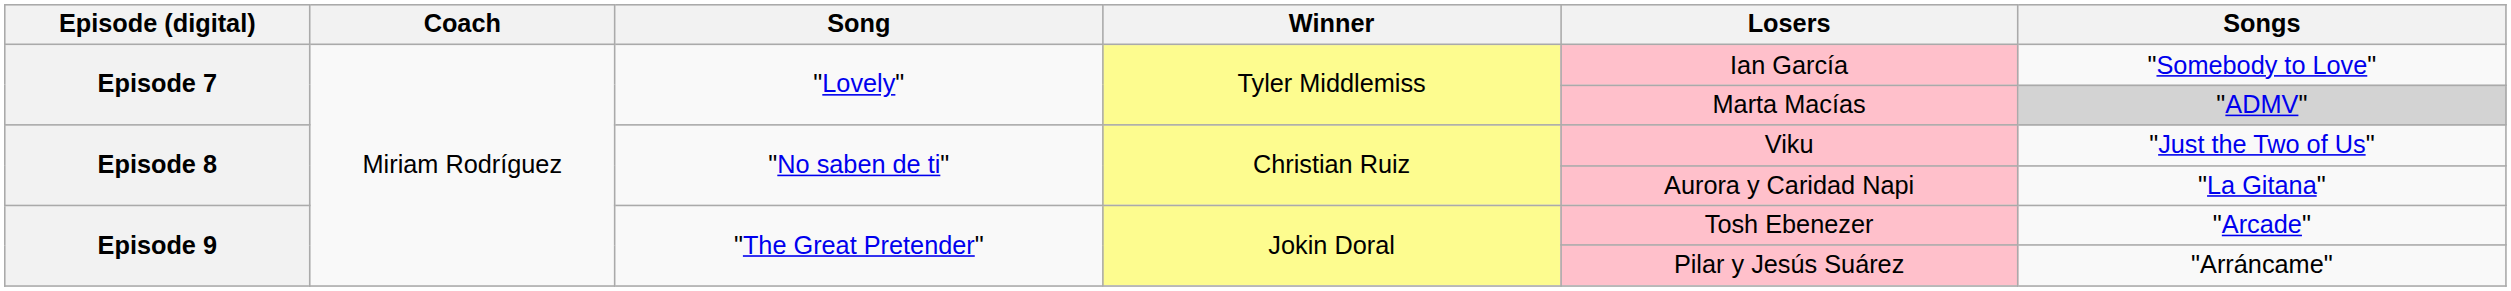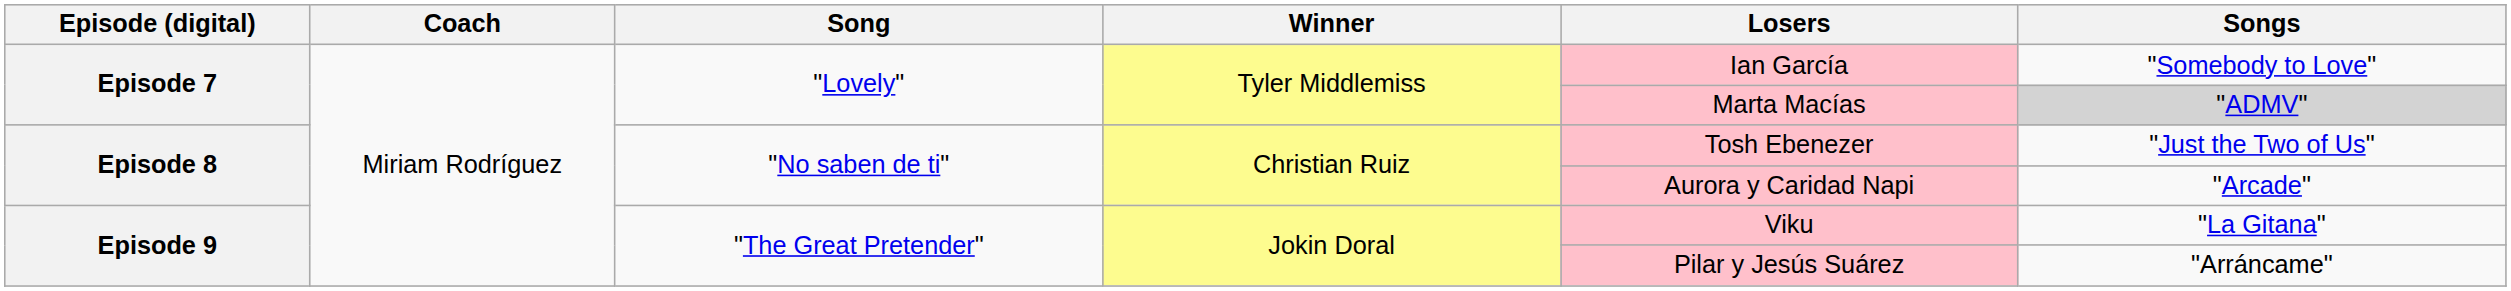 <table class="wikitable" style="text-align: center; width:100%">
 <tr>
 <th style="width:10%">Episode (digital)</th>
 <th style="width:10%">Coach</th>
 <th style="width:16%">Song</th>
 <th style="width:15%">Winner</th>
 <th style="width:15%">Losers</th>
 <th style="width:16%">Songs</th>
 </tr>
 <tr>
 <th rowspan="2">Episode 7<br></th>
 <td rowspan="6">Miriam Rodríguez</td>
 <td rowspan="2">"<a href='#'>Lovely</a>"</td>
 <td rowspan="2" style="background:#fdfc8f">Tyler Middlemiss</td>
 <td style="background: pink">Ian García</td>
 <td>"<a href='#'>Somebody to Love</a>"</td>
 </tr>
 <tr>
 <td style="background: pink">Marta Macías</td>
 <td style="background: lightgrey;">"<a href='#'>ADMV</a>"</td>
 </tr>
 <tr>
 <th rowspan="2">Episode 8<br></th>
 <td rowspan="2">"<a href='#'>No saben de ti</a>"</td>
 <td rowspan="2" style="background:#fdfc8f">Christian Ruiz</td>
-<td style="background: pink">Viku</td>
+<td style="background: pink">Tosh Ebenezer</td>
 <td>"<a href='#'>Just the Two of Us</a>"</td>
 </tr>
 <tr>
 <td style="background: pink">Aurora y Caridad Napi</td>
-<td>"<a href='#'>La Gitana</a>"</td>
+<td>"<a href='#'>Arcade</a>"</td>
 </tr>
 <tr>
 <th rowspan="2">Episode 9<br></th>
 <td rowspan="2">"<a href='#'>The Great Pretender</a>"</td>
 <td rowspan="2" style="background:#fdfc8f">Jokin Doral</td>
-<td style="background: pink">Tosh Ebenezer</td>
-<td>"<a href='#'>Arcade</a>"</td>
+<td style="background: pink">Viku</td>
+<td>"<a href='#'>La Gitana</a>"</td>
 </tr>
 <tr>
 <td style="background: pink">Pilar y Jesús Suárez</td>
 <td>"Arráncame"</td>
 </tr>
 </table>
